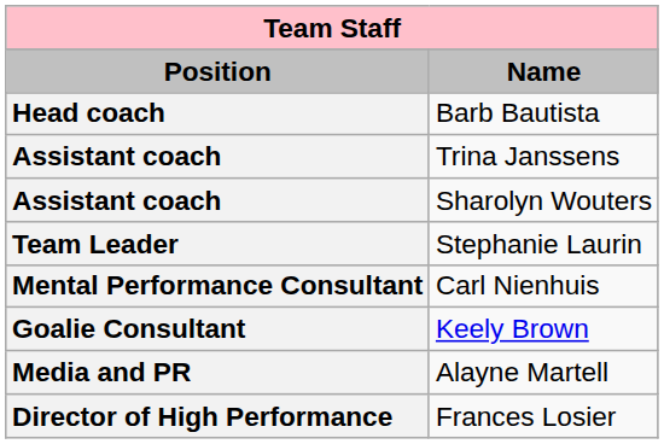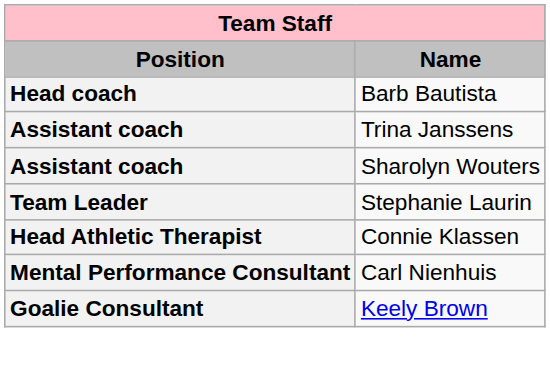 <table class="wikitable" style="text-align:left; font-size:90%;">
 <tr>
 <th style=background:pink colspan=2>Team Staff</th>
 </tr>
 <tr>
 <th style="background:silver;">Position</th>
 <th style="background:silver;">Name</th>
 </tr>
 <tr>
 <th style="text-align:left;">Head coach</th>
 <td>Barb Bautista</td>
 </tr>
 <tr>
 <th style="text-align:left;">Assistant coach</th>
 <td>Trina Janssens</td>
 </tr>
 <tr>
 <th style="text-align:left;">Assistant coach</th>
 <td>Sharolyn Wouters</td>
 </tr>
 <tr>
 <th style="text-align:left;">Team Leader</th>
 <td>Stephanie Laurin</td>
 </tr>
 <tr>
+<th style="text-align:left;">Head Athletic Therapist</th>
+<td>Connie Klassen</td>
+</tr>
+<tr>
 <th style="text-align:left;">Mental Performance Consultant</th>
 <td>Carl Nienhuis</td>
 </tr>
 <tr>
 <th style="text-align:left;">Goalie Consultant</th>
 <td><a href='#'>Keely Brown</a></td>
 </tr>
-<tr>
-<th style="text-align:left;">Media and PR</th>
-<td>Alayne Martell</td>
-</tr>
-<tr>
-<th style="text-align:left;">Director of High Performance</th>
-<td>Frances Losier</td>
-</tr>
 </table>
